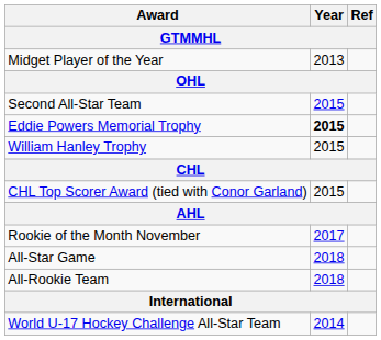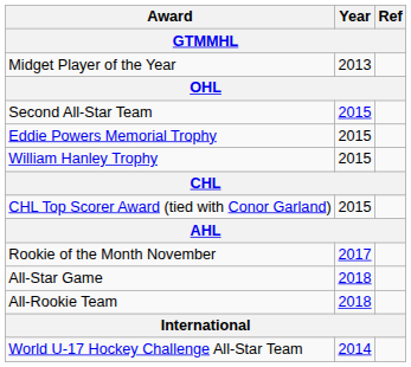 <table class="wikitable">
 <tr>
 <th>Award</th>
 <th>Year</th>
 <th>Ref</th>
 </tr>
 <tr>
 <th colspan="3"><a href='#'>GTMMHL</a></th>
 </tr>
 <tr>
 <td>Midget Player of the Year</td>
 <td>2013</td>
 <td></td>
 </tr>
 <tr>
 <th colspan="3"><a href='#'>OHL</a></th>
 </tr>
 <tr>
 <td>Second All-Star Team</td>
 <td><a href='#'>2015</a></td>
 <td></td>
 </tr>
 <tr>
 <td><a href='#'>Eddie Powers Memorial Trophy</a></td>
-<td><strong>2015</strong></td>
+<td>2015</td>
 <td></td>
 </tr>
 <tr>
 <td><a href='#'>William Hanley Trophy</a></td>
 <td>2015</td>
 <td></td>
 </tr>
 <tr bgcolor="#e0e0e0">
 <th colspan="3"><a href='#'>CHL</a></th>
 </tr>
 <tr>
 <td><a href='#'>CHL Top Scorer Award</a> (tied with <a href='#'>Conor Garland</a>)</td>
 <td>2015</td>
 <td></td>
 </tr>
 <tr bgcolor="#e0e0e0">
 <th colspan="3"><a href='#'>AHL</a></th>
 </tr>
 <tr>
 <td>Rookie of the Month November</td>
 <td><a href='#'>2017</a></td>
 <td></td>
 </tr>
 <tr>
 <td>All-Star Game</td>
 <td><a href='#'>2018</a></td>
 <td></td>
 </tr>
 <tr>
 <td>All-Rookie Team</td>
 <td><a href='#'>2018</a></td>
 <td></td>
 </tr>
 <tr bgcolor="#e0e0e0">
 <th colspan="3">International</th>
 </tr>
 <tr>
 <td><a href='#'>World U-17 Hockey Challenge</a> All-Star Team</td>
 <td><a href='#'>2014</a></td>
 <td></td>
 </tr>
 </table>
